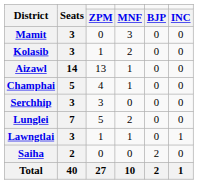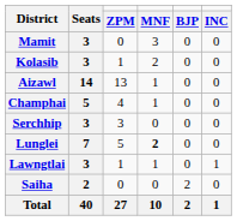 <table class="wikitable sortable" style="text-align:center;">
 <tr>
 <th rowspan="2">District</th>
 <th rowspan="2">Seats</th>
 <td></td>
 <td></td>
 <td></td>
 <td></td>
 </tr>
 <tr>
 <th><a href='#'>ZPM</a></th>
 <th><a href='#'>MNF</a></th>
 <th><a href='#'>BJP</a></th>
 <th><a href='#'>INC</a></th>
 </tr>
 <tr>
 <th><a href='#'>Mamit</a></th>
 <th>3</th>
 <td>0</td>
 <td style="background:">3</td>
 <td>0</td>
 <td>0</td>
 </tr>
 <tr>
 <th><a href='#'>Kolasib</a></th>
 <th>3</th>
 <td>1</td>
 <td style="background:">2</td>
 <td>0</td>
 <td>0</td>
 </tr>
 <tr>
 <th><a href='#'>Aizawl</a></th>
 <th>14</th>
 <td style="background:">13</td>
 <td>1</td>
 <td>0</td>
 <td>0</td>
 </tr>
 <tr>
 <th><a href='#'>Champhai</a></th>
 <th>5</th>
 <td style="background:">4</td>
 <td>1</td>
 <td>0</td>
 <td>0</td>
 </tr>
 <tr>
 <th><a href='#'>Serchhip</a></th>
 <th>3</th>
 <td style="background:">3</td>
 <td>0</td>
 <td>0</td>
 <td>0</td>
 </tr>
 <tr>
 <th><a href='#'>Lunglei</a></th>
 <th>7</th>
 <td style="background:">5</td>
-<td>2</td>
+<td><strong>2</strong></td>
 <td>0</td>
 <td>0</td>
 </tr>
 <tr>
 <th><a href='#'>Lawngtlai</a></th>
 <th>3</th>
 <td>1</td>
 <td>1</td>
 <td>0</td>
 <td>1</td>
 </tr>
 <tr>
 <th><a href='#'>Saiha</a></th>
 <th>2</th>
 <td>0</td>
 <td>0</td>
 <td style="background:">2</td>
 <td>0</td>
 </tr>
 <tr>
 <th>Total</th>
 <th>40</th>
 <th>27</th>
 <th>10</th>
 <th>2</th>
 <th>1</th>
 </tr>
 </table>
